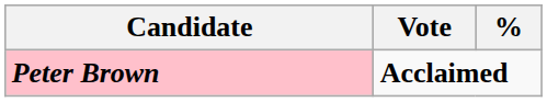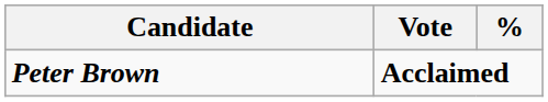 <table class="wikitable">
 <tr>
 <th bgcolor="#DDDDFF" width="200px">Candidate</th>
 <th bgcolor="#DDDDFF" width="50px">Vote</th>
 <th bgcolor="#DDDDFF" width="30px">%</th>
 </tr>
 <tr>
-<td style="background: pink;"><strong><em>Peter Brown</em></strong></td>
+<td><strong><em>Peter Brown</em></strong></td>
 <td colspan="2"><strong>Acclaimed</strong></td>
 </tr>
 </table>
